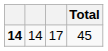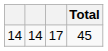 <table class="wikitable">
 <tr>
 <th></th>
 <th></th>
 <th></th>
 <th>Total</th>
 </tr>
 <tr style="text-align:center;">
-<td><strong>14</strong></td>
+<td>14</td>
 <td>14</td>
 <td>17</td>
 <td>45</td>
 </tr>
 </table>
